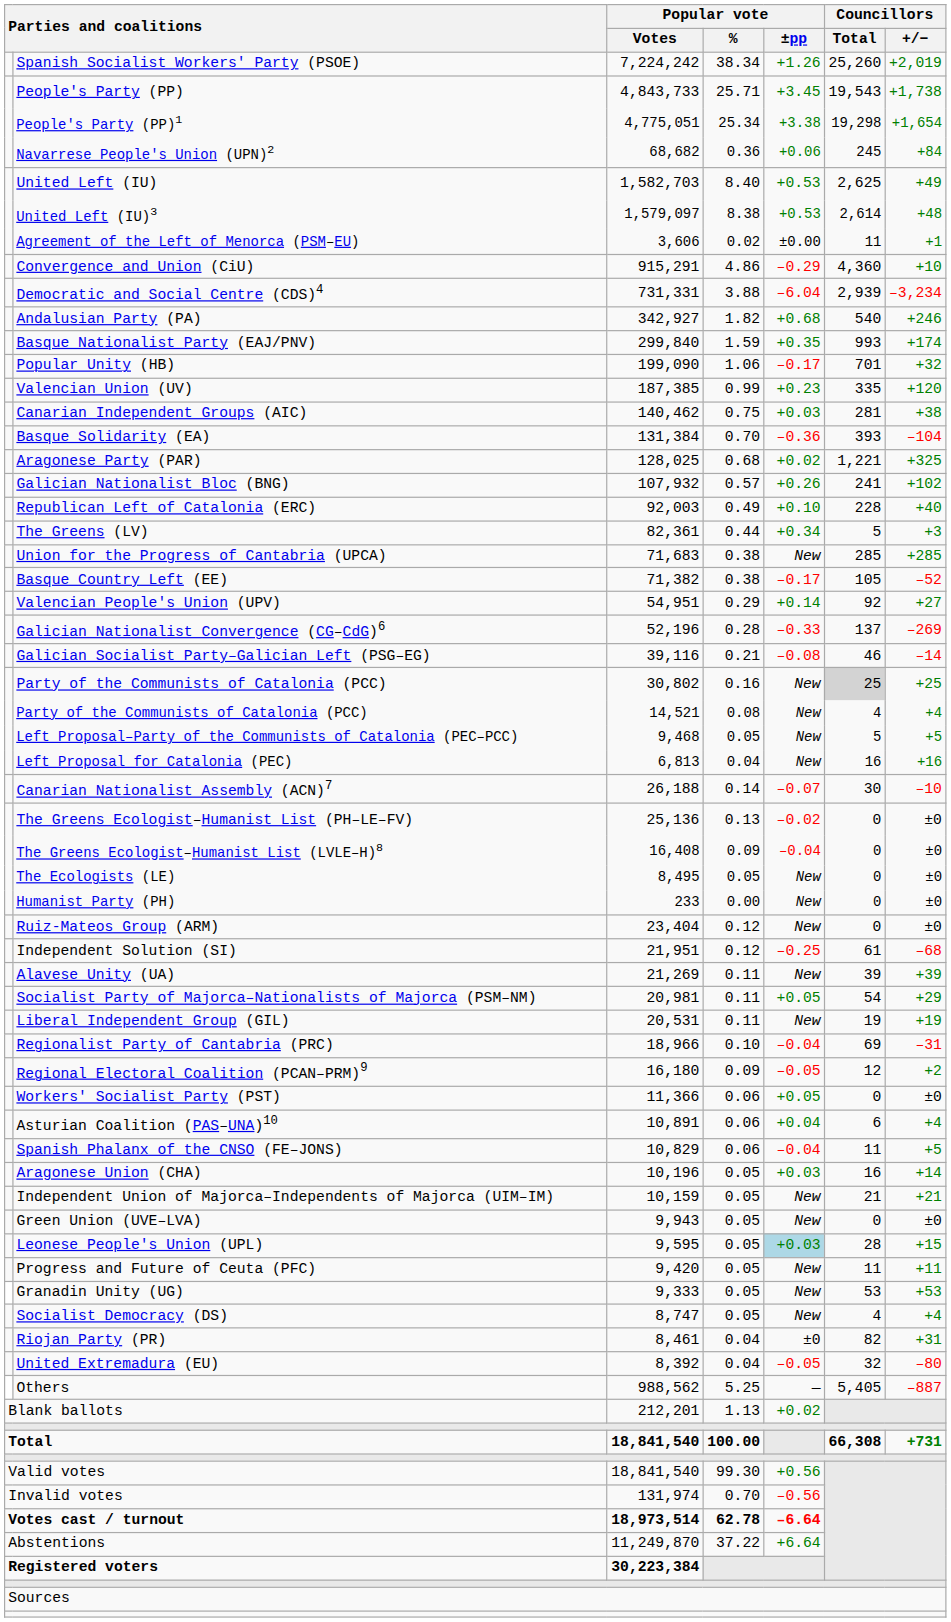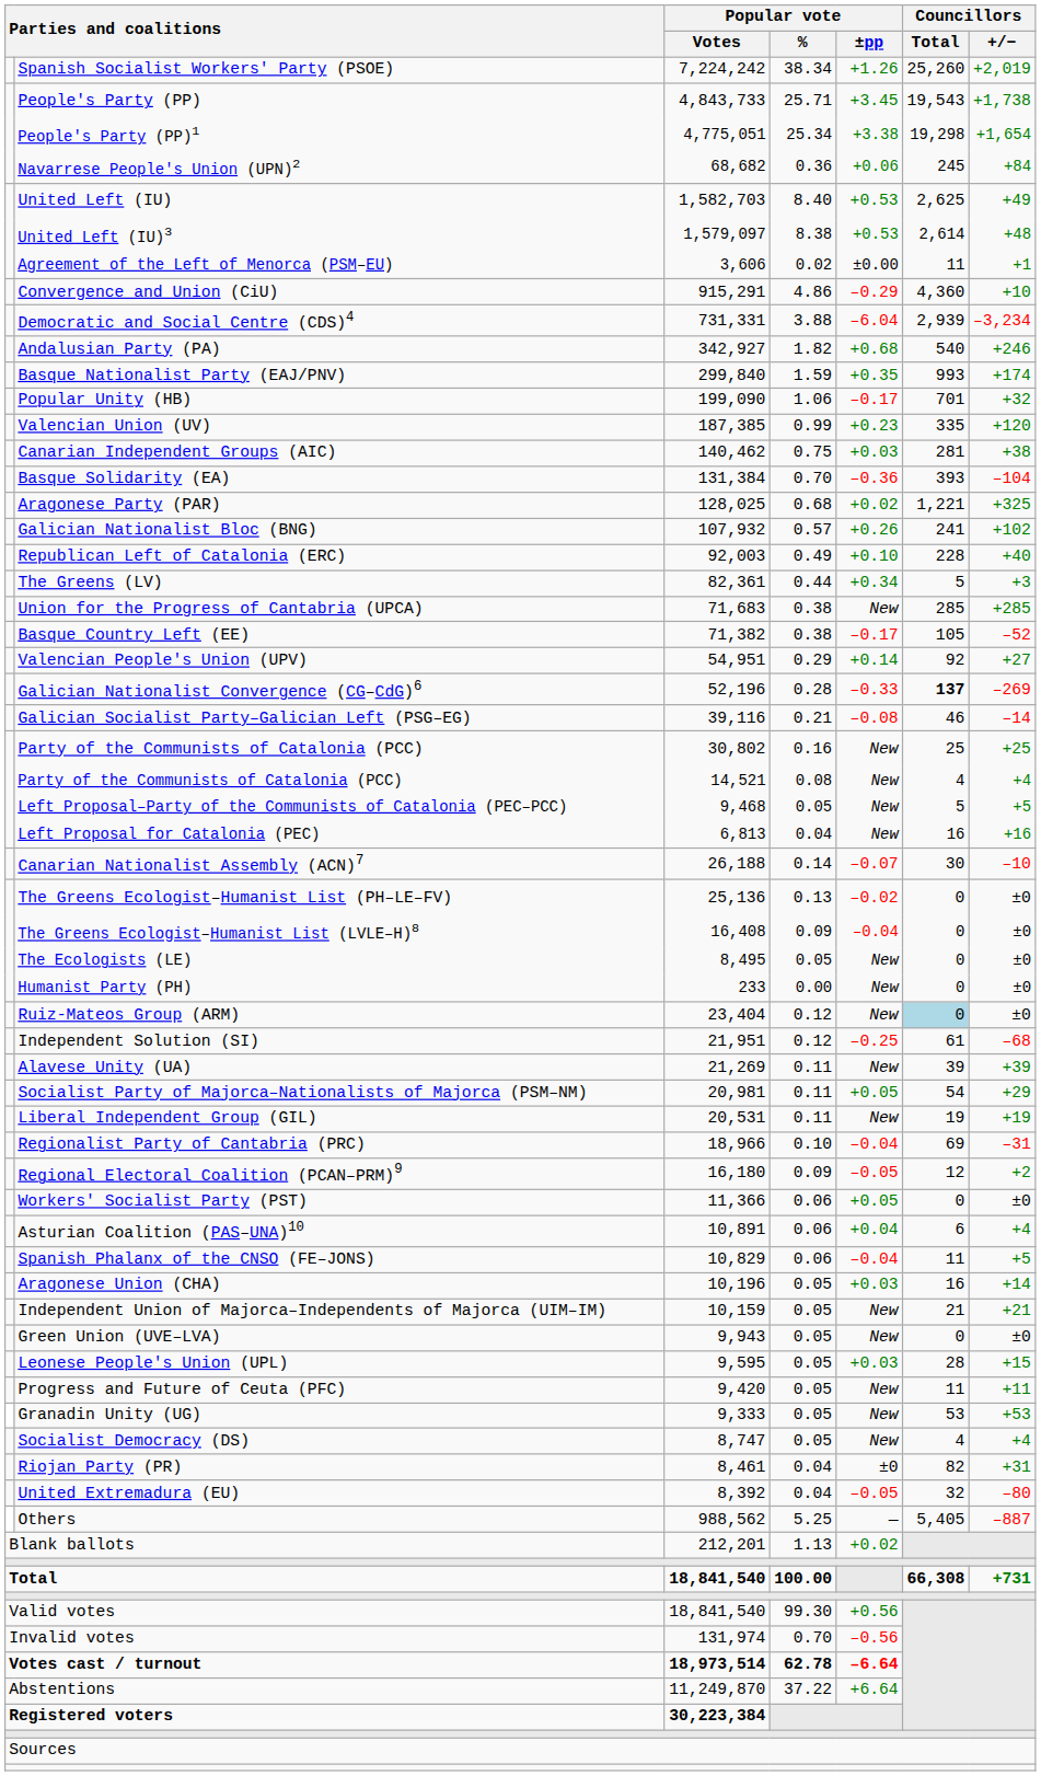 <table class="wikitable" style="text-align:right; font-size:95%;">
 <tr>
 <th style="text-align:left;" rowspan="2" colspan="2" width="500">Parties and coalitions</th>
 <th colspan="3">Popular vote</th>
 <th colspan="2">Councillors</th>
 </tr>
 <tr>
 <th width="75">Votes</th>
 <th width="45">%</th>
 <th width="45">±<a href='#'>pp</a></th>
 <th width="45">Total</th>
 <th width="45">+/−</th>
 </tr>
 <tr>
 <td width="1" style="color:inherit;background:"></td>
 <td align="left"><a href='#'>Spanish Socialist Workers' Party</a> (PSOE)</td>
 <td>7,224,242</td>
 <td>38.34</td>
 <td style="color:green;">+1.26</td>
 <td>25,260</td>
 <td style="color:green;">+2,019</td>
 </tr>
 <tr style="line-height:22px;">
 <td rowspan="3" style="color:inherit;background:"></td>
 <td align="left"><a href='#'>People's Party</a> (PP)</td>
 <td>4,843,733</td>
 <td>25.71</td>
 <td style="color:green;">+3.45</td>
 <td>19,543</td>
 <td style="color:green;">+1,738</td>
 </tr>
 <tr style="font-size:95%; border-bottom-style:hidden; border-top-style:hidden; line-height:16px;">
 <td align="left"><span><a href='#'>People's Party</a> (PP)<sup>1</sup></span></td>
 <td>4,775,051</td>
 <td>25.34</td>
 <td style="color:green;">+3.38</td>
 <td>19,298</td>
 <td style="color:green;">+1,654</td>
 </tr>
 <tr style="font-size:95%; line-height:16px;">
 <td align="left"><span><a href='#'>Navarrese People's Union</a> (UPN)<sup>2</sup></span></td>
 <td>68,682</td>
 <td>0.36</td>
 <td style="color:green;">+0.06</td>
 <td>245</td>
 <td style="color:green;">+84</td>
 </tr>
 <tr style="line-height:22px;">
 <td rowspan="3" style="color:inherit;background:"></td>
 <td align="left"><a href='#'>United Left</a> (IU)</td>
 <td>1,582,703</td>
 <td>8.40</td>
 <td style="color:green;">+0.53</td>
 <td>2,625</td>
 <td style="color:green;">+49</td>
 </tr>
 <tr style="font-size:95%; border-bottom-style:hidden; border-top-style:hidden; line-height:16px;">
 <td align="left"><span><a href='#'>United Left</a> (IU)<sup>3</sup></span></td>
 <td>1,579,097</td>
 <td>8.38</td>
 <td style="color:green;">+0.53</td>
 <td>2,614</td>
 <td style="color:green;">+48</td>
 </tr>
 <tr style="font-size:95%; line-height:16px;">
 <td align="left"><span><a href='#'>Agreement of the Left of Menorca</a> (<a href='#'>PSM</a>–<a href='#'>EU</a>)</span></td>
 <td>3,606</td>
 <td>0.02</td>
 <td>±0.00</td>
 <td>11</td>
 <td style="color:green;">+1</td>
 </tr>
 <tr>
 <td style="color:inherit;background:"></td>
 <td align="left"><a href='#'>Convergence and Union</a> (CiU)</td>
 <td>915,291</td>
 <td>4.86</td>
 <td style="color:red;">–0.29</td>
 <td>4,360</td>
 <td style="color:green;">+10</td>
 </tr>
 <tr>
 <td style="color:inherit;background:"></td>
 <td align="left"><a href='#'>Democratic and Social Centre</a> (CDS)<sup>4</sup></td>
 <td>731,331</td>
 <td>3.88</td>
 <td style="color:red;">–6.04</td>
 <td>2,939</td>
 <td style="color:red;">–3,234</td>
 </tr>
 <tr>
 <td style="color:inherit;background:"></td>
 <td align="left"><a href='#'>Andalusian Party</a> (PA)</td>
 <td>342,927</td>
 <td>1.82</td>
 <td style="color:green;">+0.68</td>
 <td>540</td>
 <td style="color:green;">+246</td>
 </tr>
 <tr>
 <td style="color:inherit;background:"></td>
 <td align="left"><a href='#'>Basque Nationalist Party</a> (EAJ/PNV)</td>
 <td>299,840</td>
 <td>1.59</td>
 <td style="color:green;">+0.35</td>
 <td>993</td>
 <td style="color:green;">+174</td>
 </tr>
 <tr>
 <td style="color:inherit;background:"></td>
 <td align="left"><a href='#'>Popular Unity</a> (HB)</td>
 <td>199,090</td>
 <td>1.06</td>
 <td style="color:red;">–0.17</td>
 <td>701</td>
 <td style="color:green;">+32</td>
 </tr>
 <tr>
 <td style="color:inherit;background:"></td>
 <td align="left"><a href='#'>Valencian Union</a> (UV)</td>
 <td>187,385</td>
 <td>0.99</td>
 <td style="color:green;">+0.23</td>
 <td>335</td>
 <td style="color:green;">+120</td>
 </tr>
 <tr>
 <td style="color:inherit;background:"></td>
 <td align="left"><a href='#'>Canarian Independent Groups</a> (AIC)</td>
 <td>140,462</td>
 <td>0.75</td>
 <td style="color:green;">+0.03</td>
 <td>281</td>
 <td style="color:green;">+38</td>
 </tr>
 <tr>
 <td style="color:inherit;background:"></td>
 <td align="left"><a href='#'>Basque Solidarity</a> (EA)</td>
 <td>131,384</td>
 <td>0.70</td>
 <td style="color:red;">–0.36</td>
 <td>393</td>
 <td style="color:red;">–104</td>
 </tr>
 <tr>
 <td style="color:inherit;background:"></td>
 <td align="left"><a href='#'>Aragonese Party</a> (PAR)</td>
 <td>128,025</td>
 <td>0.68</td>
 <td style="color:green;">+0.02</td>
 <td>1,221</td>
 <td style="color:green;">+325</td>
 </tr>
 <tr>
 <td style="color:inherit;background:"></td>
 <td align="left"><a href='#'>Galician Nationalist Bloc</a> (BNG)</td>
 <td>107,932</td>
 <td>0.57</td>
 <td style="color:green;">+0.26</td>
 <td>241</td>
 <td style="color:green;">+102</td>
 </tr>
 <tr>
 <td style="color:inherit;background:"></td>
 <td align="left"><a href='#'>Republican Left of Catalonia</a> (ERC)</td>
 <td>92,003</td>
 <td>0.49</td>
 <td style="color:green;">+0.10</td>
 <td>228</td>
 <td style="color:green;">+40</td>
 </tr>
 <tr>
 <td style="color:inherit;background:"></td>
 <td align="left"><a href='#'>The Greens</a> (LV)</td>
 <td>82,361</td>
 <td>0.44</td>
 <td style="color:green;">+0.34</td>
 <td>5</td>
 <td style="color:green;">+3</td>
 </tr>
 <tr>
 <td style="color:inherit;background:"></td>
 <td align="left"><a href='#'>Union for the Progress of Cantabria</a> (UPCA)</td>
 <td>71,683</td>
 <td>0.38</td>
 <td><em>New</em></td>
 <td>285</td>
 <td style="color:green;">+285</td>
 </tr>
 <tr>
 <td style="color:inherit;background:"></td>
 <td align="left"><a href='#'>Basque Country Left</a> (EE)</td>
 <td>71,382</td>
 <td>0.38</td>
 <td style="color:red;">–0.17</td>
 <td>105</td>
 <td style="color:red;">–52</td>
 </tr>
 <tr>
 <td style="color:inherit;background:"></td>
 <td align="left"><a href='#'>Valencian People's Union</a> (UPV)</td>
 <td>54,951</td>
 <td>0.29</td>
 <td style="color:green;">+0.14</td>
 <td>92</td>
 <td style="color:green;">+27</td>
 </tr>
 <tr>
 <td style="color:inherit;background:"></td>
 <td align="left"><a href='#'>Galician Nationalist Convergence</a> (<a href='#'>CG</a>–<a href='#'>CdG</a>)<sup>6</sup></td>
 <td>52,196</td>
 <td>0.28</td>
 <td style="color:red;">–0.33</td>
-<td>137</td>
+<td><strong>137</strong></td>
 <td style="color:red;">–269</td>
 </tr>
 <tr>
 <td style="color:inherit;background:"></td>
 <td align="left"><a href='#'>Galician Socialist Party–Galician Left</a> (PSG–EG)</td>
 <td>39,116</td>
 <td>0.21</td>
 <td style="color:red;">–0.08</td>
 <td>46</td>
 <td style="color:red;">–14</td>
 </tr>
 <tr style="line-height:22px;">
 <td rowspan="4" style="color:inherit;background:"></td>
 <td align="left"><a href='#'>Party of the Communists of Catalonia</a> (PCC)</td>
 <td>30,802</td>
 <td>0.16</td>
 <td><em>New</em></td>
-<td style="background: lightgrey;">25</td>
+<td>25</td>
 <td style="color:green;">+25</td>
 </tr>
 <tr style="font-size:95%; border-bottom-style:hidden; border-top-style:hidden; line-height:16px;">
 <td align="left"><span><a href='#'>Party of the Communists of Catalonia</a> (PCC)</span></td>
 <td>14,521</td>
 <td>0.08</td>
 <td><em>New</em></td>
 <td>4</td>
 <td style="color:green;">+4</td>
 </tr>
 <tr style="font-size:95%; border-bottom-style:hidden; border-top-style:hidden; line-height:16px;">
 <td align="left"><span><a href='#'>Left Proposal–Party of the Communists of Catalonia</a> (PEC–PCC)</span></td>
 <td>9,468</td>
 <td>0.05</td>
 <td><em>New</em></td>
 <td>5</td>
 <td style="color:green;">+5</td>
 </tr>
 <tr style="font-size:95%; line-height:16px;">
 <td align="left"><span><a href='#'>Left Proposal for Catalonia</a> (PEC)</span></td>
 <td>6,813</td>
 <td>0.04</td>
 <td><em>New</em></td>
 <td>16</td>
 <td style="color:green;">+16</td>
 </tr>
 <tr>
 <td style="color:inherit;background:"></td>
 <td align="left"><a href='#'>Canarian Nationalist Assembly</a> (ACN)<sup>7</sup></td>
 <td>26,188</td>
 <td>0.14</td>
 <td style="color:red;">–0.07</td>
 <td>30</td>
 <td style="color:red;">–10</td>
 </tr>
 <tr style="line-height:22px;">
 <td rowspan="4" style="color:inherit;background:"></td>
 <td align="left"><a href='#'>The Greens Ecologist</a>–<a href='#'>Humanist List</a> (PH–LE–FV)</td>
 <td>25,136</td>
 <td>0.13</td>
 <td style="color:red;">–0.02</td>
 <td>0</td>
 <td>±0</td>
 </tr>
 <tr style="font-size:95%; border-bottom-style:hidden; border-top-style:hidden; line-height:16px;">
 <td align="left"><span><a href='#'>The Greens Ecologist</a>–<a href='#'>Humanist List</a> (LVLE–H)<sup>8</sup></span></td>
 <td>16,408</td>
 <td>0.09</td>
 <td style="color:red;">–0.04</td>
 <td>0</td>
 <td>±0</td>
 </tr>
 <tr style="font-size:95%; border-bottom-style:hidden; line-height:16px;">
 <td align="left"><span><a href='#'>The Ecologists</a> (LE)</span></td>
 <td>8,495</td>
 <td>0.05</td>
 <td><em>New</em></td>
 <td>0</td>
 <td>±0</td>
 </tr>
 <tr style="font-size:95%; line-height:16px;">
 <td align="left"><span><a href='#'>Humanist Party</a> (PH)</span></td>
 <td>233</td>
 <td>0.00</td>
 <td><em>New</em></td>
 <td>0</td>
 <td>±0</td>
 </tr>
 <tr>
 <td style="color:inherit;background:"></td>
 <td align="left"><a href='#'>Ruiz-Mateos Group</a> (ARM)</td>
 <td>23,404</td>
 <td>0.12</td>
 <td><em>New</em></td>
-<td>0</td>
+<td style="background: lightblue;">0</td>
 <td>±0</td>
 </tr>
 <tr>
 <td style="color:inherit;background:"></td>
 <td align="left">Independent Solution (SI)</td>
 <td>21,951</td>
 <td>0.12</td>
 <td style="color:red;">–0.25</td>
 <td>61</td>
 <td style="color:red;">–68</td>
 </tr>
 <tr>
 <td style="color:inherit;background:"></td>
 <td align="left"><a href='#'>Alavese Unity</a> (UA)</td>
 <td>21,269</td>
 <td>0.11</td>
 <td><em>New</em></td>
 <td>39</td>
 <td style="color:green;">+39</td>
 </tr>
 <tr>
 <td style="color:inherit;background:"></td>
 <td align="left"><a href='#'>Socialist Party of Majorca–Nationalists of Majorca</a> (PSM–NM)</td>
 <td>20,981</td>
 <td>0.11</td>
 <td style="color:green;">+0.05</td>
 <td>54</td>
 <td style="color:green;">+29</td>
 </tr>
 <tr>
 <td style="color:inherit;background:"></td>
 <td align="left"><a href='#'>Liberal Independent Group</a> (GIL)</td>
 <td>20,531</td>
 <td>0.11</td>
 <td><em>New</em></td>
 <td>19</td>
 <td style="color:green;">+19</td>
 </tr>
 <tr>
 <td style="color:inherit;background:"></td>
 <td align="left"><a href='#'>Regionalist Party of Cantabria</a> (PRC)</td>
 <td>18,966</td>
 <td>0.10</td>
 <td style="color:red;">–0.04</td>
 <td>69</td>
 <td style="color:red;">–31</td>
 </tr>
 <tr>
 <td style="color:inherit;background:"></td>
 <td align="left"><a href='#'>Regional Electoral Coalition</a> (PCAN–PRM)<sup>9</sup></td>
 <td>16,180</td>
 <td>0.09</td>
 <td style="color:red;">–0.05</td>
 <td>12</td>
 <td style="color:green;">+2</td>
 </tr>
 <tr>
 <td style="color:inherit;background:"></td>
 <td align="left"><a href='#'>Workers' Socialist Party</a> (PST)</td>
 <td>11,366</td>
 <td>0.06</td>
 <td style="color:green;">+0.05</td>
 <td>0</td>
 <td>±0</td>
 </tr>
 <tr>
 <td style="color:inherit;background:"></td>
 <td align="left">Asturian Coalition (<a href='#'>PAS</a>–<a href='#'>UNA</a>)<sup>10</sup></td>
 <td>10,891</td>
 <td>0.06</td>
 <td style="color:green;">+0.04</td>
 <td>6</td>
 <td style="color:green;">+4</td>
 </tr>
 <tr>
 <td style="color:inherit;background:"></td>
 <td align="left"><a href='#'>Spanish Phalanx of the CNSO</a> (FE–JONS)</td>
 <td>10,829</td>
 <td>0.06</td>
 <td style="color:red;">–0.04</td>
 <td>11</td>
 <td style="color:green;">+5</td>
 </tr>
 <tr>
 <td style="color:inherit;background:"></td>
 <td align="left"><a href='#'>Aragonese Union</a> (CHA)</td>
 <td>10,196</td>
 <td>0.05</td>
 <td style="color:green;">+0.03</td>
 <td>16</td>
 <td style="color:green;">+14</td>
 </tr>
 <tr>
 <td style="color:inherit;background:"></td>
 <td align="left">Independent Union of Majorca–Independents of Majorca (UIM–IM)</td>
 <td>10,159</td>
 <td>0.05</td>
 <td><em>New</em></td>
 <td>21</td>
 <td style="color:green;">+21</td>
 </tr>
 <tr>
 <td style="color:inherit;background:"></td>
 <td align="left">Green Union (UVE–LVA)</td>
 <td>9,943</td>
 <td>0.05</td>
 <td><em>New</em></td>
 <td>0</td>
 <td>±0</td>
 </tr>
 <tr>
 <td style="color:inherit;background:"></td>
 <td align="left"><a href='#'>Leonese People's Union</a> (UPL)</td>
 <td>9,595</td>
 <td>0.05</td>
-<td style="background: lightblue; color:green;">+0.03</td>
+<td style="color:green;">+0.03</td>
 <td>28</td>
 <td style="color:green;">+15</td>
 </tr>
 <tr>
 <td style="color:inherit;background:"></td>
 <td align="left">Progress and Future of Ceuta (PFC)</td>
 <td>9,420</td>
 <td>0.05</td>
 <td><em>New</em></td>
 <td>11</td>
 <td style="color:green;">+11</td>
 </tr>
 <tr>
 <td bgcolor="white"></td>
 <td align="left">Granadin Unity (UG)</td>
 <td>9,333</td>
 <td>0.05</td>
 <td><em>New</em></td>
 <td>53</td>
 <td style="color:green;">+53</td>
 </tr>
 <tr>
 <td style="color:inherit;background:"></td>
 <td align="left"><a href='#'>Socialist Democracy</a> (DS)</td>
 <td>8,747</td>
 <td>0.05</td>
 <td><em>New</em></td>
 <td>4</td>
 <td style="color:green;">+4</td>
 </tr>
 <tr>
 <td style="color:inherit;background:"></td>
 <td align="left"><a href='#'>Riojan Party</a> (PR)</td>
 <td>8,461</td>
 <td>0.04</td>
 <td>±0</td>
 <td>82</td>
 <td style="color:green;">+31</td>
 </tr>
 <tr>
 <td style="color:inherit;background:"></td>
 <td align="left"><a href='#'>United Extremadura</a> (EU)</td>
 <td>8,392</td>
 <td>0.04</td>
 <td style="color:red;">–0.05</td>
 <td>32</td>
 <td style="color:red;">–80</td>
 </tr>
 <tr>
 <td bgcolor="white"></td>
 <td align="left">Others</td>
 <td>988,562</td>
 <td>5.25</td>
 <td>—</td>
 <td>5,405</td>
 <td style="color:red;">–887</td>
 </tr>
 <tr>
 <td align="left" colspan="2">Blank ballots</td>
 <td>212,201</td>
 <td>1.13</td>
 <td style="color:green;">+0.02</td>
 <td bgcolor="#E9E9E9" colspan="2"></td>
 </tr>
 <tr>
 <td colspan="7" bgcolor="#E9E9E9"></td>
 </tr>
 <tr style="font-weight:bold;">
 <td align="left" colspan="2">Total</td>
 <td>18,841,540</td>
 <td>100.00</td>
 <td bgcolor="#E9E9E9"></td>
 <td>66,308</td>
 <td style="color:green;">+731</td>
 </tr>
 <tr>
 <td colspan="7" bgcolor="#E9E9E9"></td>
 </tr>
 <tr>
 <td align="left" colspan="2">Valid votes</td>
 <td>18,841,540</td>
 <td>99.30</td>
 <td style="color:green;">+0.56</td>
 <td bgcolor="#E9E9E9" colspan="2" rowspan="5"></td>
 </tr>
 <tr>
 <td align="left" colspan="2">Invalid votes</td>
 <td>131,974</td>
 <td>0.70</td>
 <td style="color:red;">–0.56</td>
 </tr>
 <tr style="font-weight:bold;">
 <td align="left" colspan="2">Votes cast / turnout</td>
 <td>18,973,514</td>
 <td>62.78</td>
 <td style="color:red;">–6.64</td>
 </tr>
 <tr>
 <td align="left" colspan="2">Abstentions</td>
 <td>11,249,870</td>
 <td>37.22</td>
 <td style="color:green;">+6.64</td>
 </tr>
 <tr style="font-weight:bold;">
 <td align="left" colspan="2">Registered voters</td>
 <td>30,223,384</td>
 <td bgcolor="#E9E9E9" colspan="2"></td>
 </tr>
 <tr>
 <td colspan="7" bgcolor="#E9E9E9"></td>
 </tr>
 <tr>
 <td align="left" colspan="7">Sources</td>
 </tr>
 <tr>
 <td colspan="7" style="text-align:left; font-size:95%; max-width:790px;"></td>
 </tr>
 </table>
